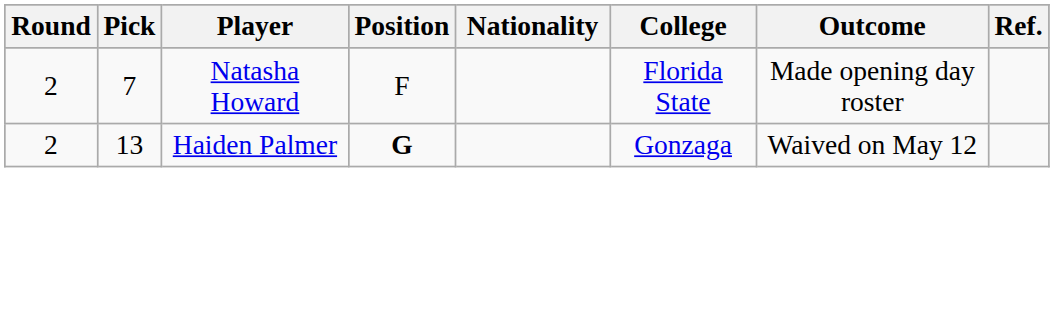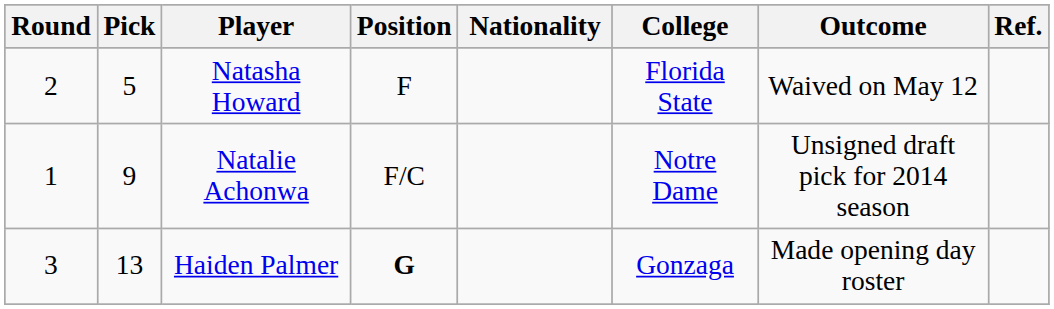 <table class="wikitable sortable" style="text-align: center">
 <tr>
 <th width="5%">Round</th>
 <th width="3%">Pick</th>
 <th width="20%">Player</th>
 <th width="4">Position</th>
 <th width="15%">Nationality</th>
 <th width="15%">College</th>
 <th width="25%">Outcome</th>
 <th width="1%">Ref.</th>
 </tr>
 <tr>
 <td>2</td>
-<td>7</td>
+<td>5</td>
 <td><a href='#'>Natasha Howard</a></td>
 <td>F</td>
 <td></td>
 <td><a href='#'>Florida State</a></td>
-<td>Made opening day roster</td>
+<td>Waived on May 12</td>
 <td></td>
 </tr>
 <tr>
-<td>2</td>
+<td>1</td>
+<td>9</td>
+<td><a href='#'>Natalie Achonwa</a></td>
+<td>F/C</td>
+<td></td>
+<td><a href='#'>Notre Dame</a></td>
+<td>Unsigned draft pick for 2014 season</td>
+<td></td>
+</tr>
+<tr>
+<td>3</td>
 <td>13</td>
 <td><a href='#'>Haiden Palmer</a></td>
 <td><strong>G</strong></td>
 <td></td>
 <td><a href='#'>Gonzaga</a></td>
-<td>Waived on May 12</td>
+<td>Made opening day roster</td>
 <td></td>
 </tr>
 </table>
